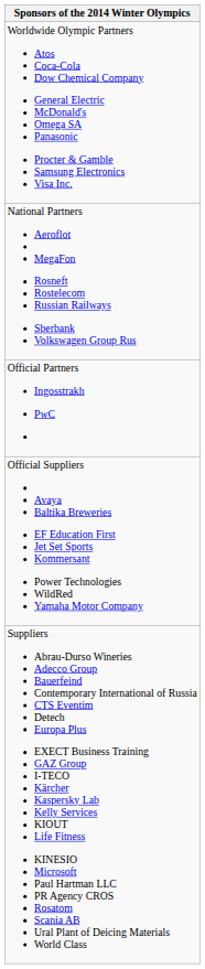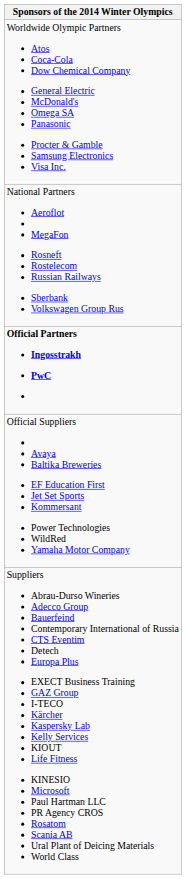 <table class="wikitable collapsible " style="float:center; margin:10px;">
 <tr>
 <th>Sponsors of the 2014 Winter Olympics</th>
 </tr>
 <tr>
 <td>Worldwide Olympic Partners<br> <ul><li><a href='#'>Atos</a></li><li><a href='#'>Coca-Cola</a></li><li><a href='#'>Dow Chemical Company</a></li></ul><ul><li><a href='#'>General Electric</a></li><li><a href='#'>McDonald's</a></li><li><a href='#'>Omega SA</a></li><li><a href='#'>Panasonic</a></li></ul><ul><li><a href='#'>Procter & Gamble</a></li><li><a href='#'>Samsung Electronics</a></li><li><a href='#'>Visa Inc.</a></li></ul></td>
 </tr>
 <tr>
 <td>National Partners<br> <ul><li><a href='#'>Aeroflot</a></li><li></li><li><a href='#'>MegaFon</a></li></ul><ul><li><a href='#'>Rosneft</a></li><li><a href='#'>Rostelecom</a></li><li><a href='#'>Russian Railways</a></li></ul><ul><li><a href='#'>Sberbank</a></li><li><a href='#'>Volkswagen Group Rus</a></li></ul></td>
 </tr>
 <tr>
-<td>Official Partners<br> <ul><li><a href='#'>Ingosstrakh</a></li></ul><ul><li><a href='#'>PwC</a></li></ul><ul><li></li></ul></td>
+<td><strong>Official Partners<br> <ul><li><a href='#'>Ingosstrakh</a></li></ul><ul><li><a href='#'>PwC</a></li></ul><ul><li></li></ul></strong></td>
 </tr>
 <tr>
 <td>Official Suppliers<br> <ul><li></li><li><a href='#'>Avaya</a></li><li><a href='#'>Baltika Breweries</a></li></ul><ul><li><a href='#'>EF Education First</a></li><li><a href='#'>Jet Set Sports</a></li><li><a href='#'>Kommersant</a></li></ul><ul><li>Power Technologies  </li><li>WildRed</li><li><a href='#'>Yamaha Motor Company</a></li></ul></td>
 </tr>
 <tr>
 <td>Suppliers<br> <ul><li>Abrau-Durso Wineries</li><li><a href='#'>Adecco Group</a></li><li><a href='#'>Bauerfeind</a></li><li>Contemporary International of Russia</li><li><a href='#'>CTS Eventim</a></li><li>Detech</li><li><a href='#'>Europa Plus</a></li></ul><ul><li>EXECT Business Training</li><li><a href='#'>GAZ Group</a></li><li>I-TECO</li><li><a href='#'>Kärcher</a></li><li><a href='#'>Kaspersky Lab</a></li><li><a href='#'>Kelly Services</a></li><li>KIOUT</li><li><a href='#'>Life Fitness</a></li></ul><ul><li>KINESIO</li><li><a href='#'>Microsoft</a></li><li>Paul Hartman LLC</li><li>PR Agency CROS</li><li><a href='#'>Rosatom</a></li><li><a href='#'>Scania AB</a></li><li>Ural Plant of Deicing Materials</li><li>World Class</li></ul></td>
 </tr>
 </table>
